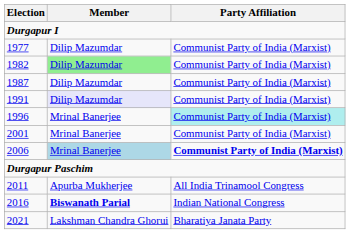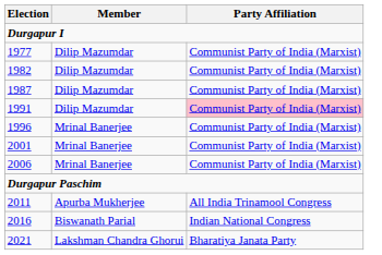 <table class="wikitable sortable">
 <tr>
 <th>Election</th>
 <th>Member</th>
 <th>Party Affiliation</th>
 </tr>
 <tr>
 <td colspan="3"><strong><em>Durgapur I</em></strong></td>
 </tr>
 <tr>
 <td><a href='#'>1977</a></td>
 <td><a href='#'>Dilip Mazumdar</a></td>
 <td><a href='#'>Communist Party of India (Marxist)</a></td>
 </tr>
 <tr>
 <td><a href='#'>1982</a></td>
-<td style="background: lightgreen;"><a href='#'>Dilip Mazumdar</a></td>
+<td><a href='#'>Dilip Mazumdar</a></td>
 <td><a href='#'>Communist Party of India (Marxist)</a></td>
 </tr>
 <tr>
 <td><a href='#'>1987</a></td>
 <td><a href='#'>Dilip Mazumdar</a></td>
 <td><a href='#'>Communist Party of India (Marxist)</a></td>
 </tr>
 <tr>
 <td><a href='#'>1991</a></td>
-<td style="background: lavender;"><a href='#'>Dilip Mazumdar</a></td>
-<td><a href='#'>Communist Party of India (Marxist)</a></td>
+<td><a href='#'>Dilip Mazumdar</a></td>
+<td style="background: pink;"><a href='#'>Communist Party of India (Marxist)</a></td>
 </tr>
 <tr>
 <td><a href='#'>1996</a></td>
 <td><a href='#'>Mrinal Banerjee</a></td>
-<td style="background: paleturquoise;"><a href='#'>Communist Party of India (Marxist)</a></td>
+<td><a href='#'>Communist Party of India (Marxist)</a></td>
 </tr>
 <tr>
 <td><a href='#'>2001</a></td>
 <td><a href='#'>Mrinal Banerjee</a></td>
 <td><a href='#'>Communist Party of India (Marxist)</a></td>
 </tr>
 <tr>
 <td><a href='#'>2006</a></td>
-<td style="background: lightblue;"><a href='#'>Mrinal Banerjee</a></td>
-<td><strong><a href='#'>Communist Party of India (Marxist)</a></strong></td>
+<td><a href='#'>Mrinal Banerjee</a></td>
+<td><a href='#'>Communist Party of India (Marxist)</a></td>
 </tr>
 <tr>
 <td colspan="3"><strong><em>Durgapur Paschim</em></strong></td>
 </tr>
 <tr>
 <td><a href='#'>2011</a></td>
 <td><a href='#'>Apurba Mukherjee</a></td>
 <td><a href='#'>All India Trinamool Congress</a></td>
 </tr>
 <tr>
 <td><a href='#'>2016</a></td>
-<td><strong><a href='#'>Biswanath Parial</a></strong></td>
+<td><a href='#'>Biswanath Parial</a></td>
 <td><a href='#'>Indian National Congress</a></td>
 </tr>
 <tr>
 <td><a href='#'>2021</a></td>
 <td><a href='#'>Lakshman Chandra Ghorui</a></td>
 <td><a href='#'>Bharatiya Janata Party</a></td>
 </tr>
 </table>
